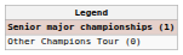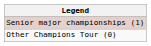 <table class="wikitable" style="font-size:95%;">
 <tr>
 <th>Legend</th>
 </tr>
 <tr style="background:#e5d1cb;">
-<td><strong>Senior major championships (1)</strong></td>
+<td>Senior major championships (1)</td>
 </tr>
 <tr>
 <td>Other Champions Tour (0)</td>
 </tr>
 </table>
